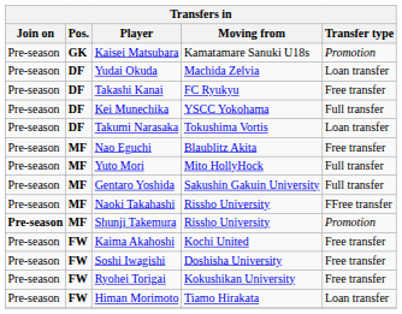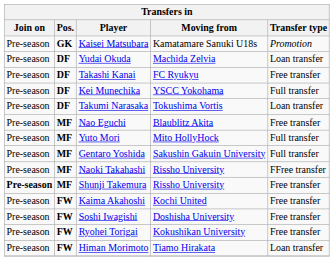 <table class="wikitable sortable" style=“text-align:left;>
 <tr>
 <th colspan="5">Transfers in</th>
 </tr>
 <tr>
 <th>Join on</th>
 <th>Pos.</th>
 <th>Player</th>
 <th>Moving from</th>
 <th>Transfer type</th>
 </tr>
 <tr>
 <td>Pre-season</td>
 <td><strong>GK</strong></td>
 <td> <a href='#'>Kaisei Matsubara</a></td>
 <td>Kamatamare Sanuki U18s</td>
 <td><em>Promotion</em></td>
 </tr>
 <tr>
 <td>Pre-season</td>
 <td><strong>DF</strong></td>
 <td> <a href='#'>Yudai Okuda</a></td>
 <td> <a href='#'>Machida Zelvia</a></td>
 <td>Loan transfer</td>
 </tr>
 <tr>
 <td>Pre-season</td>
 <td><strong>DF</strong></td>
 <td> <a href='#'>Takashi Kanai</a></td>
 <td> <a href='#'>FC Ryukyu</a></td>
 <td>Free transfer</td>
 </tr>
 <tr>
 <td>Pre-season</td>
 <td><strong>DF</strong></td>
 <td> <a href='#'>Kei Munechika</a></td>
 <td> <a href='#'>YSCC Yokohama</a></td>
 <td>Full transfer</td>
 </tr>
 <tr>
 <td>Pre-season</td>
 <td><strong>DF</strong></td>
 <td> <a href='#'>Takumi Narasaka</a></td>
 <td> <a href='#'>Tokushima Vortis</a></td>
 <td>Loan transfer</td>
 </tr>
 <tr>
 <td>Pre-season</td>
 <td><strong>MF</strong></td>
 <td> <a href='#'>Nao Eguchi</a></td>
 <td> <a href='#'>Blaublitz Akita</a></td>
 <td>Free transfer</td>
 </tr>
 <tr>
 <td>Pre-season</td>
 <td><strong>MF</strong></td>
 <td> <a href='#'>Yuto Mori</a></td>
 <td> <a href='#'>Mito HollyHock</a></td>
 <td>Full transfer</td>
 </tr>
 <tr>
 <td>Pre-season</td>
 <td><strong>MF</strong></td>
 <td> <a href='#'>Gentaro Yoshida</a></td>
 <td> <a href='#'>Sakushin Gakuin University</a></td>
 <td>Full transfer</td>
 </tr>
 <tr>
 <td>Pre-season</td>
 <td><strong>MF</strong></td>
 <td> <a href='#'>Naoki Takahashi</a></td>
 <td> <a href='#'>Rissho University</a></td>
 <td>FFree transfer</td>
 </tr>
 <tr>
 <td><strong>Pre-season</strong></td>
 <td><strong>MF</strong></td>
 <td> <a href='#'>Shunji Takemura</a></td>
 <td> <a href='#'>Rissho University</a></td>
-<td><em>Promotion</em></td>
+<td>Free transfer</td>
 </tr>
 <tr>
 <td>Pre-season</td>
 <td><strong>FW</strong></td>
 <td> <a href='#'>Kaima Akahoshi</a></td>
 <td> <a href='#'>Kochi United</a></td>
 <td>Free transfer</td>
 </tr>
 <tr>
 <td>Pre-season</td>
 <td><strong>FW</strong></td>
 <td> <a href='#'>Soshi Iwagishi</a></td>
 <td> <a href='#'>Doshisha University</a></td>
 <td>Free transfer</td>
 </tr>
 <tr>
 <td>Pre-season</td>
 <td><strong>FW</strong></td>
 <td> <a href='#'>Ryohei Torigai</a></td>
 <td> <a href='#'>Kokushikan University</a></td>
 <td>Free transfer</td>
 </tr>
 <tr>
 <td>Pre-season</td>
 <td><strong>FW</strong></td>
 <td> <a href='#'>Himan Morimoto</a></td>
 <td> <a href='#'>Tiamo Hirakata</a></td>
 <td>Loan transfer</td>
 </tr>
 <tr>
 </tr>
 </table>
